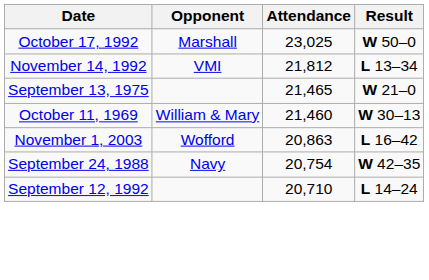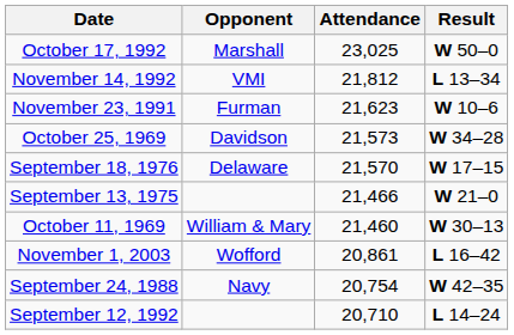 <table class="wikitable" style="text-align:center">
 <tr>
 <th>Date</th>
 <th>Opponent</th>
 <th>Attendance</th>
 <th>Result</th>
 </tr>
 <tr>
 <td><a href='#'>October 17, 1992</a></td>
 <td><a href='#'>Marshall</a></td>
 <td>23,025</td>
 <td><strong>W</strong> 50–0</td>
 </tr>
 <tr>
 <td><a href='#'>November 14, 1992</a></td>
 <td><a href='#'>VMI</a></td>
 <td>21,812</td>
 <td><strong>L</strong> 13–34</td>
 </tr>
 <tr>
+<td><a href='#'>November 23, 1991</a></td>
+<td><a href='#'>Furman</a></td>
+<td>21,623</td>
+<td><strong>W</strong> 10–6</td>
+</tr>
+<tr>
+<td><a href='#'>October 25, 1969</a></td>
+<td><a href='#'>Davidson</a></td>
+<td>21,573</td>
+<td><strong>W</strong> 34–28</td>
+</tr>
+<tr>
+<td><a href='#'>September 18, 1976</a></td>
+<td><a href='#'>Delaware</a></td>
+<td>21,570</td>
+<td><strong>W</strong> 17–15</td>
+</tr>
+<tr>
 <td><a href='#'>September 13, 1975</a></td>
 <td></td>
-<td>21,465</td>
+<td>21,466</td>
 <td><strong>W</strong> 21–0</td>
 </tr>
 <tr>
 <td><a href='#'>October 11, 1969</a></td>
 <td><a href='#'>William & Mary</a></td>
 <td>21,460</td>
 <td><strong>W</strong> 30–13</td>
 </tr>
 <tr>
 <td><a href='#'>November 1, 2003</a></td>
 <td><a href='#'>Wofford</a></td>
-<td>20,863</td>
+<td>20,861</td>
 <td><strong>L</strong> 16–42</td>
 </tr>
 <tr>
 <td><a href='#'>September 24, 1988</a></td>
 <td><a href='#'>Navy</a></td>
 <td>20,754</td>
 <td><strong>W</strong> 42–35</td>
 </tr>
 <tr>
 <td><a href='#'>September 12, 1992</a></td>
 <td></td>
 <td>20,710</td>
 <td><strong>L</strong> 14–24</td>
 </tr>
 </table>
